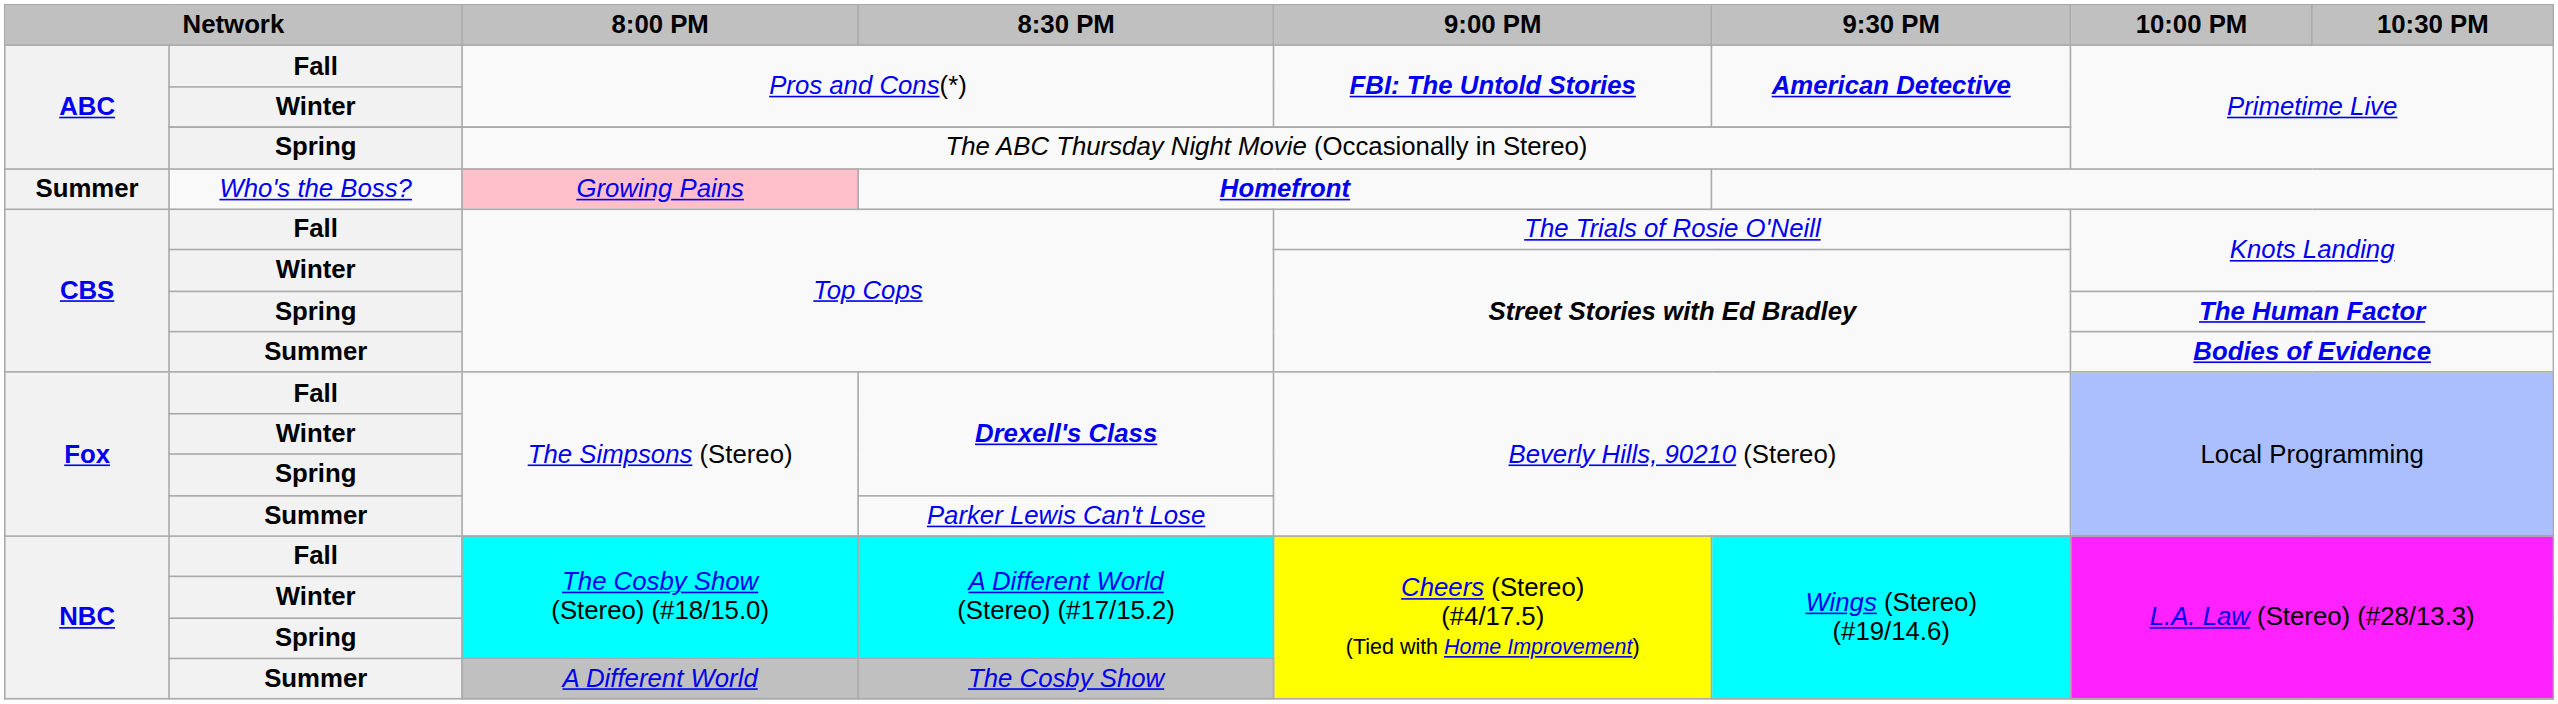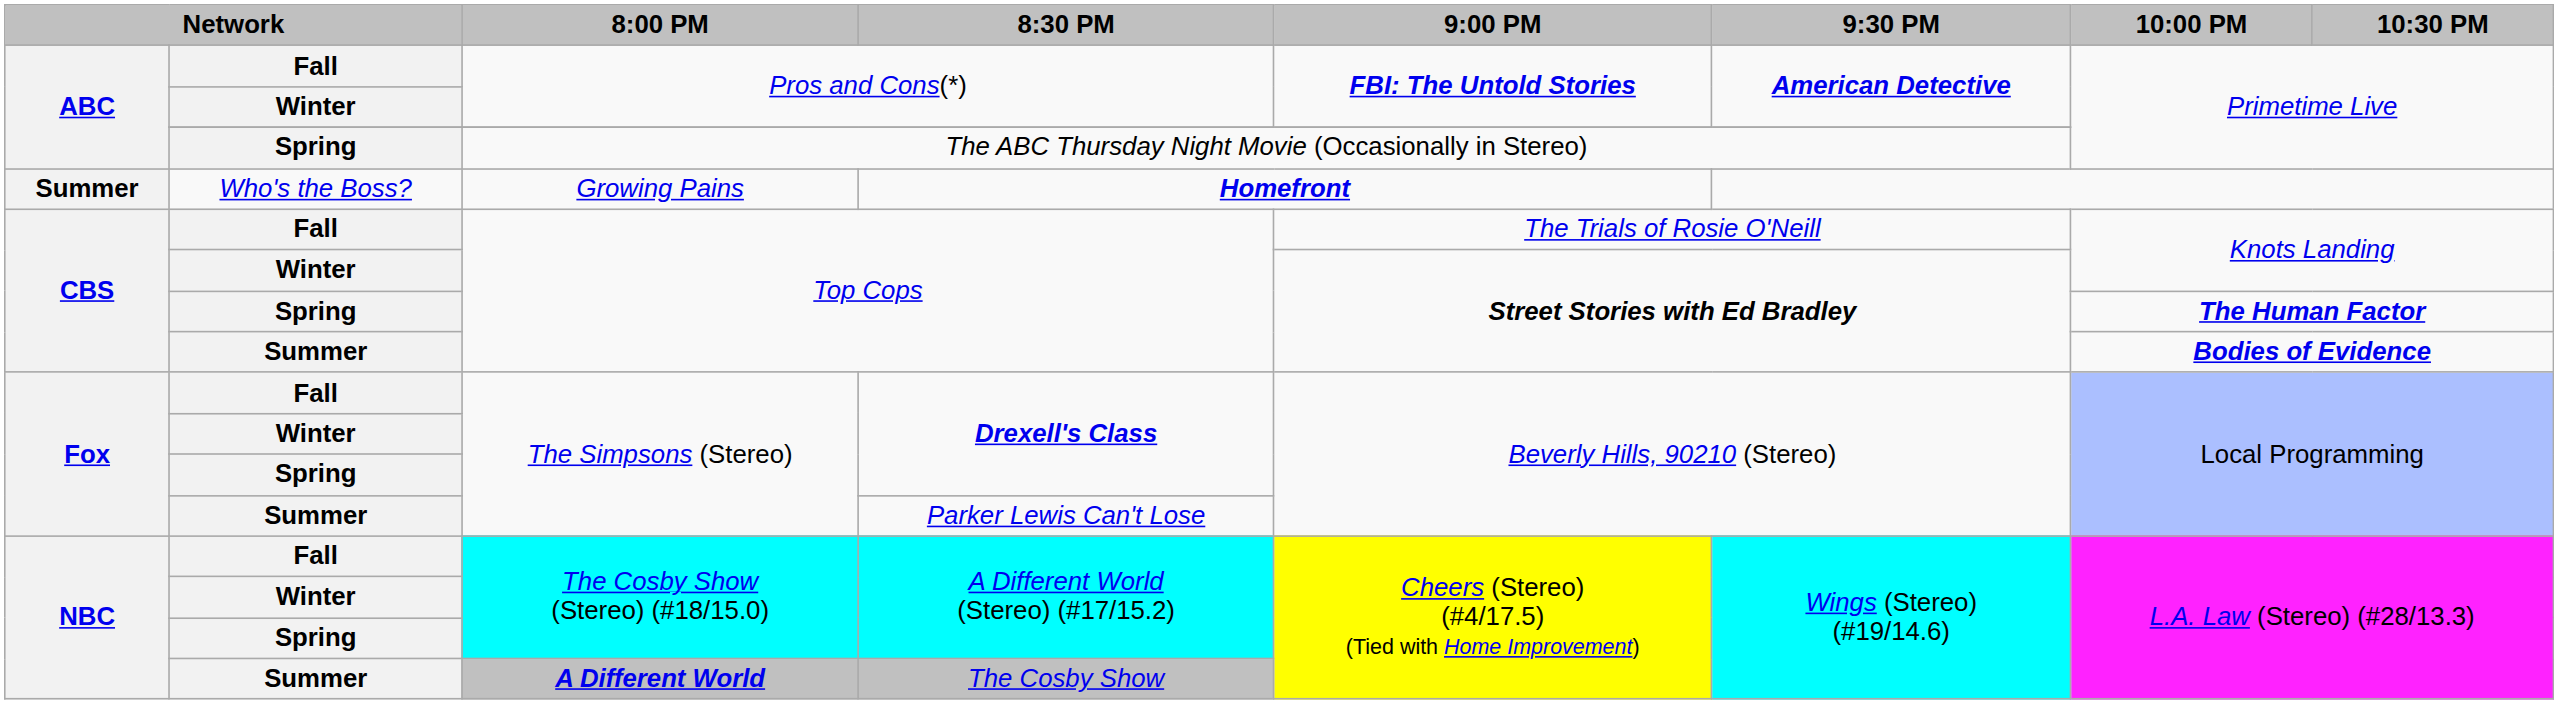 <table class="wikitable" style="width:100%;margin-right:0;text-align:center">
 <tr>
 <th colspan="2" style="background-color:#C0C0C0;text-align:center">Network</th>
 <th style="background-color:#C0C0C0;text-align:center">8:00 PM</th>
 <th style="background-color:#C0C0C0;text-align:center">8:30 PM</th>
 <th style="background-color:#C0C0C0;text-align:center">9:00 PM</th>
 <th style="background-color:#C0C0C0;text-align:center">9:30 PM</th>
 <th style="background-color:#C0C0C0;text-align:center">10:00 PM</th>
 <th style="background-color:#C0C0C0;text-align:center">10:30 PM</th>
 </tr>
 <tr>
 <th rowspan="4"><a href='#'>ABC</a></th>
 <th>Fall</th>
 <td colspan="2" rowspan="2"><em><a href='#'>Pros and Cons</a></em>(*)</td>
 <td rowspan="2"><strong><em><a href='#'>FBI: The Untold Stories</a></em></strong></td>
 <td rowspan="2"><strong><em><a href='#'>American Detective</a></em></strong></td>
 <td rowspan="4" colspan="2"><em><a href='#'>Primetime Live</a></em></td>
 </tr>
 <tr>
 <th>Winter</th>
 </tr>
 <tr>
 </tr>
 <tr>
 <th>Spring</th>
 <td colspan="4"><em>The ABC Thursday Night Movie</em> (Occasionally in Stereo)</td>
 </tr>
 <tr>
 <th>Summer</th>
 <td><em><a href='#'>Who's the Boss?</a></em></td>
-<td style="background: pink;"><em><a href='#'>Growing Pains</a></em></td>
+<td><em><a href='#'>Growing Pains</a></em></td>
 <td colspan="2"><strong><em><a href='#'>Homefront</a></em></strong></td>
 </tr>
 <tr>
 <th rowspan="4"><a href='#'>CBS</a></th>
 <th>Fall</th>
 <td colspan="2" rowspan="4"><em><a href='#'>Top Cops</a></em></td>
 <td colspan="2"><em><a href='#'>The Trials of Rosie O'Neill</a></em></td>
 <td colspan="2" rowspan="2"><em><a href='#'>Knots Landing</a></em></td>
 </tr>
 <tr>
 <th>Winter</th>
 <td colspan="2" rowspan="3"><strong><em>Street Stories with Ed Bradley</em></strong></td>
 </tr>
 <tr>
 <th>Spring</th>
 <td colspan="2"><strong><em><a href='#'>The Human Factor</a></em></strong></td>
 </tr>
 <tr>
 <th>Summer</th>
 <td colspan="2"><strong><em><a href='#'>Bodies of Evidence</a></em></strong></td>
 </tr>
 <tr>
 <th rowspan="4"><a href='#'>Fox</a></th>
 <th>Fall</th>
 <td rowspan="4"><em><a href='#'>The Simpsons</a></em> (Stereo)</td>
 <td rowspan="3"><strong><em><a href='#'>Drexell's Class</a></em></strong></td>
 <td rowspan="4" colspan="2"><em><a href='#'>Beverly Hills, 90210</a></em> (Stereo)</td>
 <td style="background:#abbfff;" colspan="2" rowspan="4">Local Programming</td>
 </tr>
 <tr>
 <th>Winter</th>
 </tr>
 <tr>
 <th>Spring</th>
 </tr>
 <tr>
 <th>Summer</th>
 <td><em><a href='#'>Parker Lewis Can't Lose</a></em></td>
 </tr>
 <tr>
 <th rowspan="4"><a href='#'>NBC</a></th>
 <th>Fall</th>
 <td bgcolor="#00FFFF" rowspan="3"><em><a href='#'>The Cosby Show</a></em><br>(Stereo) (#18/15.0)</td>
 <td bgcolor="#00FFFF" rowspan="3"><em><a href='#'>A Different World</a></em><br>(Stereo) (#17/15.2)</td>
 <td bgcolor="#FFFF00" rowspan="4"><em><a href='#'>Cheers</a></em> (Stereo)<br>(#4/17.5)<br><small>(Tied with <em><a href='#'>Home Improvement</a></em>)</small></td>
 <td bgcolor="#00FFFF" rowspan="4"><em><a href='#'>Wings</a></em> (Stereo)<br>(#19/14.6)</td>
 <td bgcolor="#FF22FF" colspan="2" rowspan="4"><em><a href='#'>L.A. Law</a></em> (Stereo) (#28/13.3)</td>
 </tr>
 <tr>
 <th>Winter</th>
 </tr>
 <tr>
 <th>Spring</th>
 </tr>
 <tr>
 <th>Summer</th>
-<td style="background:#C0C0C0;"><em><a href='#'>A Different World</a></em> </td>
+<td style="background:#C0C0C0;"><strong><em><a href='#'>A Different World</a></em> </strong></td>
 <td style="background:#C0C0C0;"><em><a href='#'>The Cosby Show</a></em> </td>
 </tr>
 </table>
